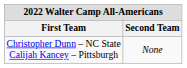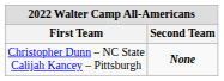 <table class="wikitable" style="white-space:nowrap; text-align:center; font-size:90%;">
 <tr>
 <td colspan="7" style="text-align:center; background:#ddd;"><strong>2022 Walter Camp All-Americans</strong></td>
 </tr>
 <tr>
 <th>First Team</th>
 <th>Second Team</th>
 </tr>
 <tr>
 <td><a href='#'>Christopher Dunn</a> – NC State<br><a href='#'>Calijah Kancey</a> – Pittsburgh</td>
-<td><em>None</em></td>
+<td><strong><em>None</em></strong></td>
 </tr>
 </table>
